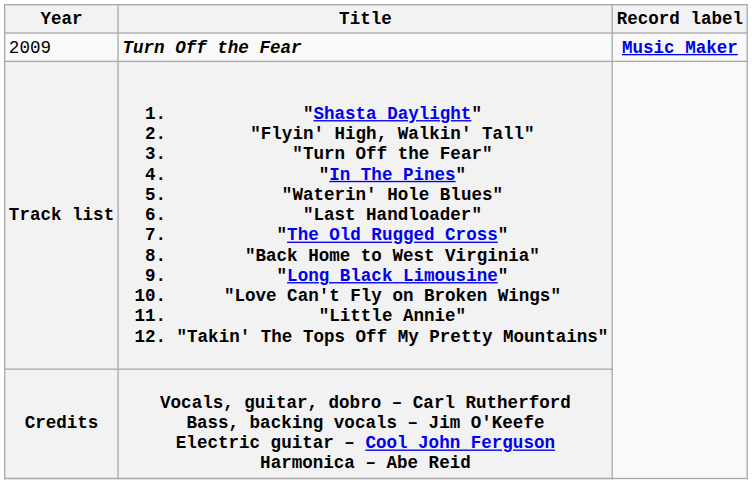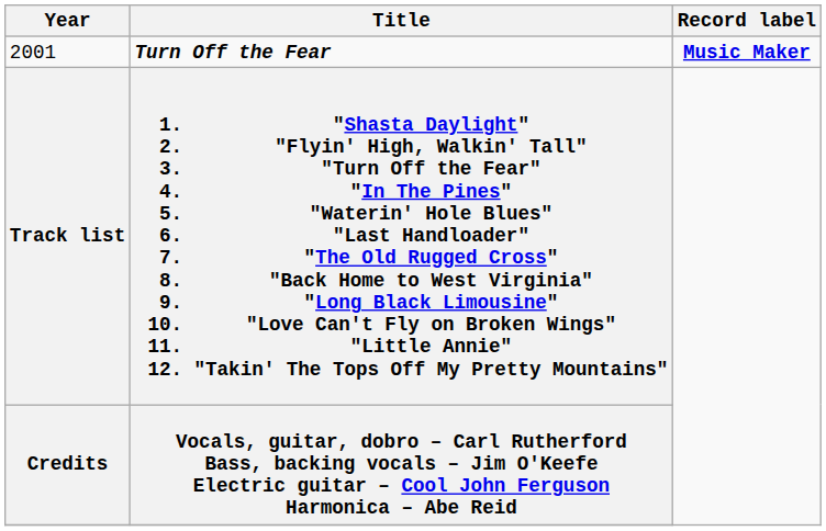 <table class="wikitable sortable">
 <tr>
 <th>Year</th>
 <th>Title</th>
 <th>Record label</th>
 </tr>
 <tr>
-<td>2009</td>
+<td>2001</td>
 <td><strong><em>Turn Off the Fear</em></strong></td>
 <td style="text-align:center;"><strong><a href='#'>Music Maker</a></strong></td>
 </tr>
 <tr>
 <th>Track list</th>
 <th><br><ol><li>"<a href='#'>Shasta Daylight</a>"</li><li>"Flyin' High, Walkin' Tall"</li><li>"Turn Off the Fear"</li><li>"<a href='#'>In The Pines</a>"</li><li>"Waterin' Hole Blues"</li><li>"Last Handloader"</li><li>"<a href='#'>The Old Rugged Cross</a>"</li><li>"Back Home to West Virginia"</li><li>"<a href='#'>Long Black Limousine</a>"</li><li>"Love Can't Fly on Broken Wings"</li><li>"Little Annie"</li><li>"Takin' The Tops Off My Pretty Mountains"</li></ol></th>
 </tr>
 <tr>
 <th>Credits</th>
 <th><br>Vocals, guitar, dobro – Carl Rutherford<br> Bass, backing vocals – Jim O'Keefe<br> Electric guitar – <a href='#'>Cool John Ferguson</a><br> Harmonica – Abe Reid</th>
 </tr>
 <tr>
 </tr>
 </table>
